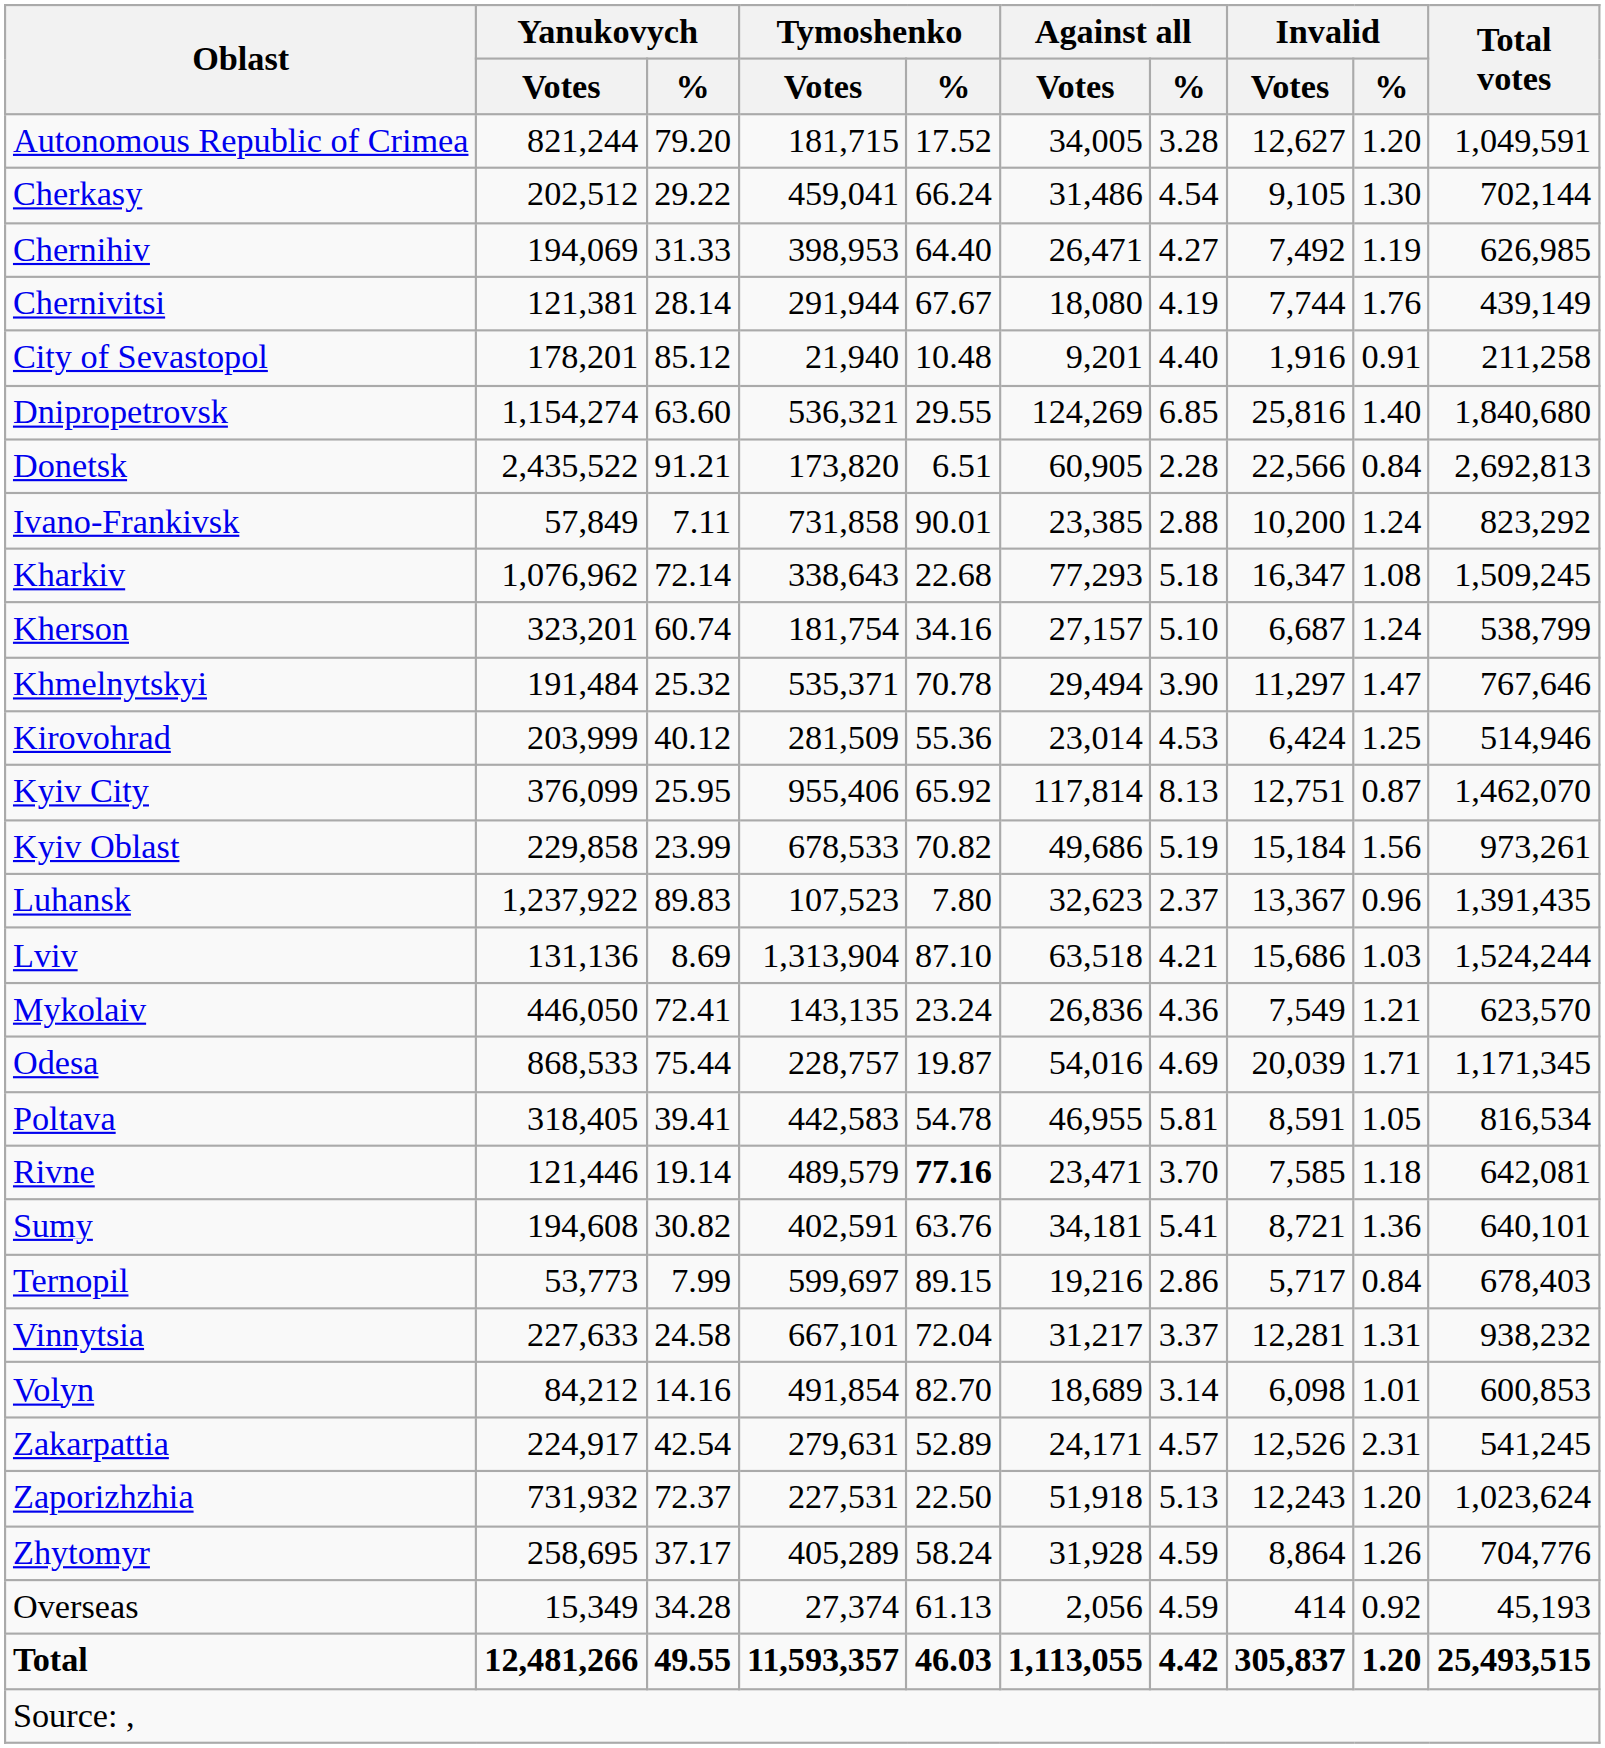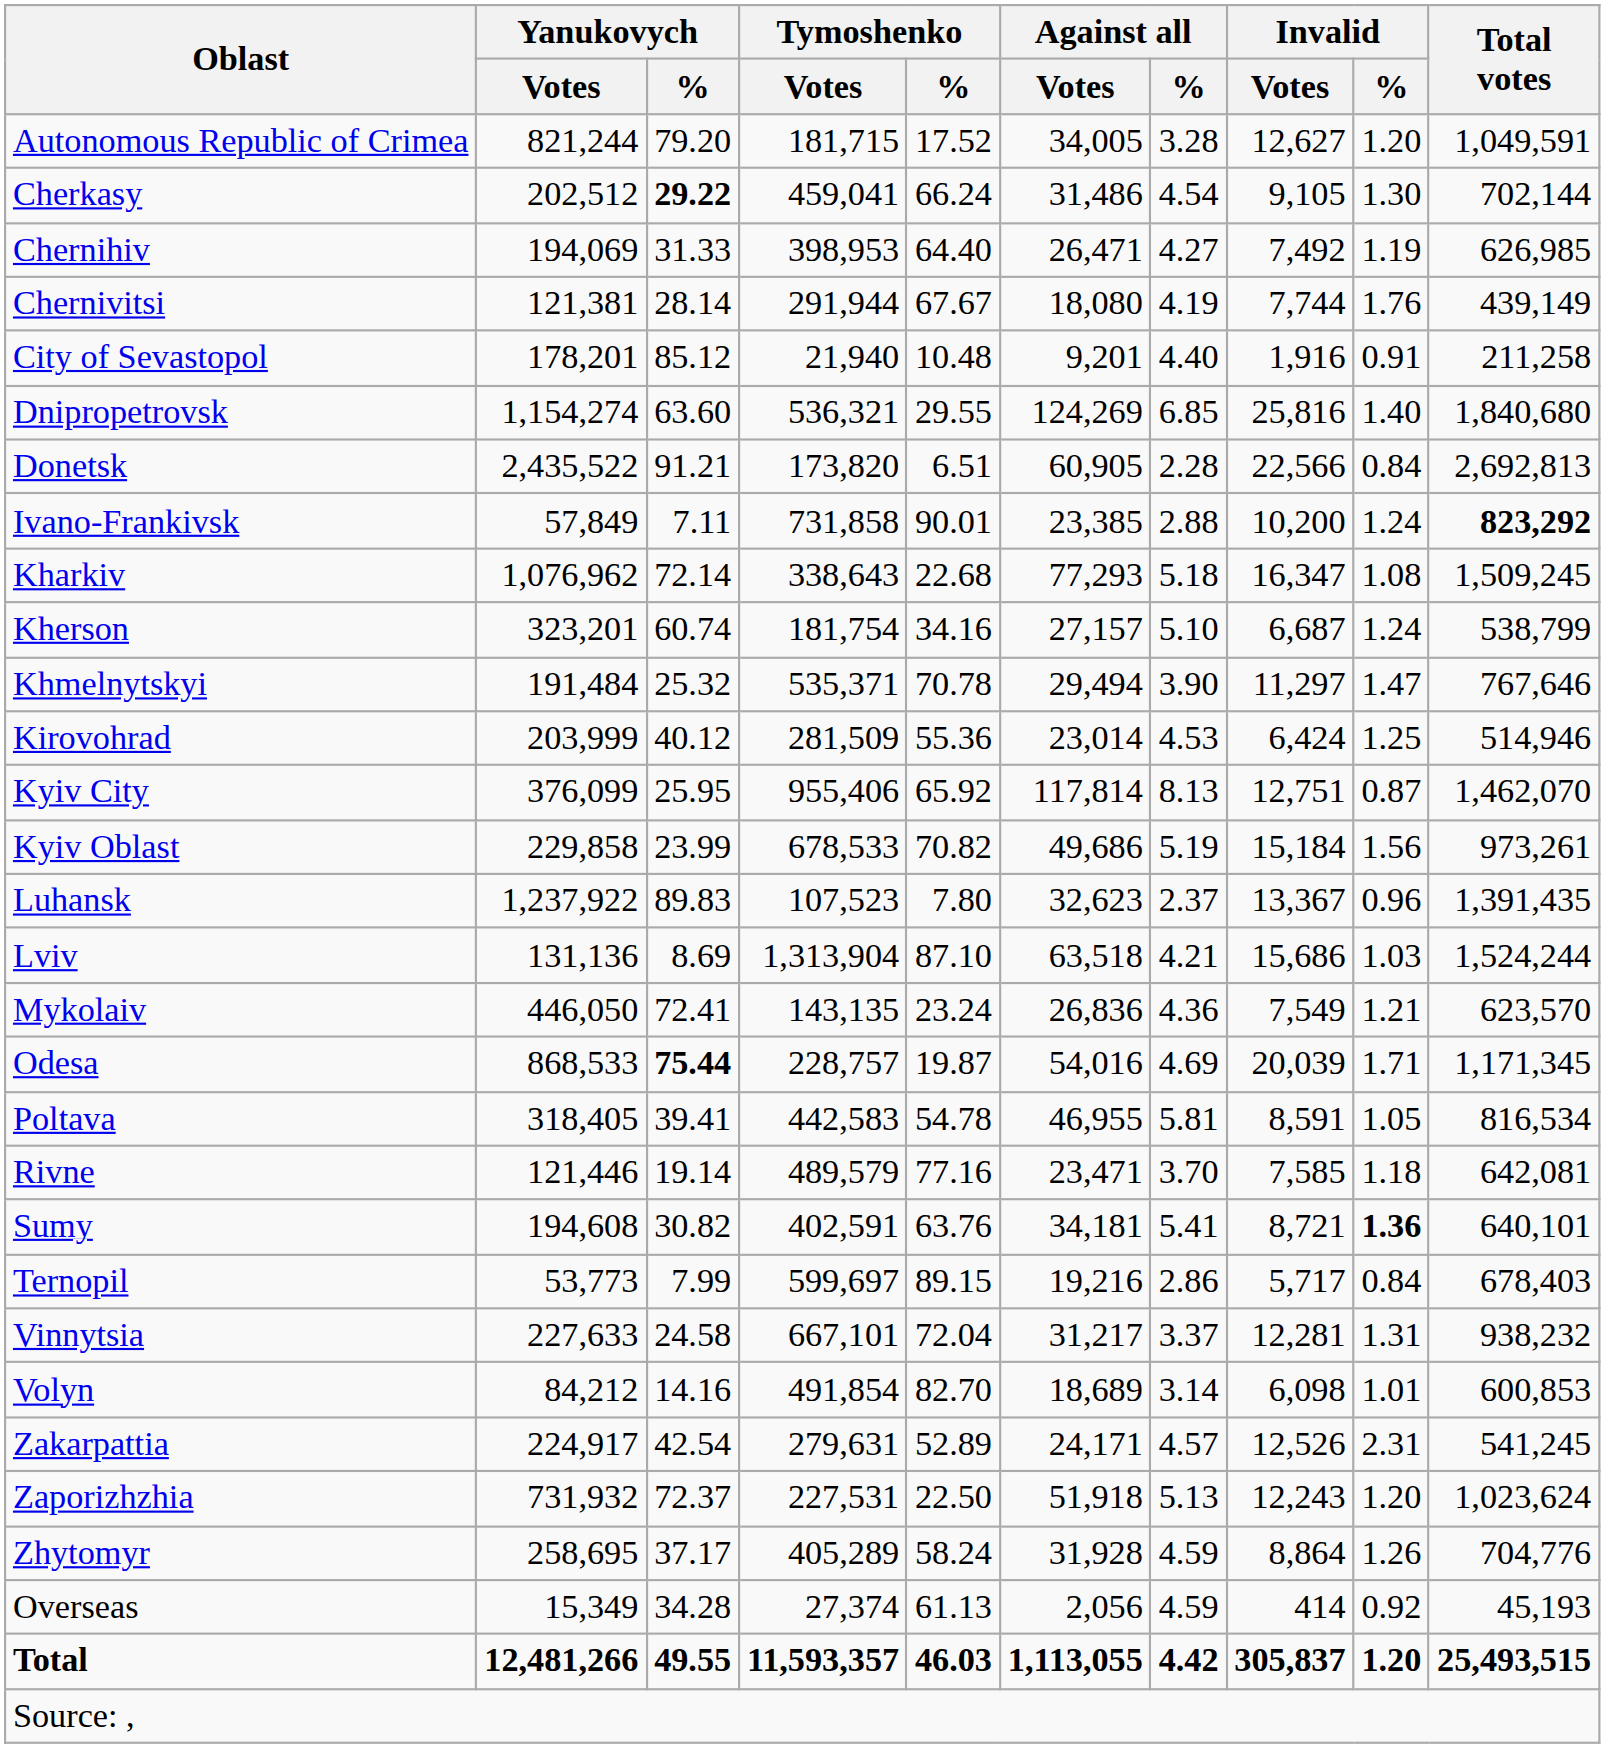 <table class="wikitable sortable" style=text-align:right>
 <tr>
 <th rowspan=2>Oblast</th>
 <th colspan=2>Yanukovych</th>
 <th colspan=2>Tymoshenko</th>
 <th colspan=2>Against all</th>
 <th colspan=2>Invalid</th>
 <th rowspan=2>Total<br>votes</th>
 </tr>
 <tr>
 <th>Votes</th>
 <th>%</th>
 <th>Votes</th>
 <th>%</th>
 <th>Votes</th>
 <th>%</th>
 <th>Votes</th>
 <th>%</th>
 </tr>
 <tr>
 <td align=left><a href='#'>Autonomous Republic of Crimea</a></td>
 <td>821,244</td>
 <td>79.20</td>
 <td>181,715</td>
 <td>17.52</td>
 <td>34,005</td>
 <td>3.28</td>
 <td>12,627</td>
 <td>1.20</td>
 <td>1,049,591</td>
 </tr>
 <tr>
 <td align=left><a href='#'>Cherkasy</a></td>
 <td>202,512</td>
-<td>29.22</td>
+<td><strong>29.22</strong></td>
 <td>459,041</td>
 <td>66.24</td>
 <td>31,486</td>
 <td>4.54</td>
 <td>9,105</td>
 <td>1.30</td>
 <td>702,144</td>
 </tr>
 <tr>
 <td align=left><a href='#'>Chernihiv</a></td>
 <td>194,069</td>
 <td>31.33</td>
 <td>398,953</td>
 <td>64.40</td>
 <td>26,471</td>
 <td>4.27</td>
 <td>7,492</td>
 <td>1.19</td>
 <td>626,985</td>
 </tr>
 <tr>
 <td align=left><a href='#'>Chernivitsi</a></td>
 <td>121,381</td>
 <td>28.14</td>
 <td>291,944</td>
 <td>67.67</td>
 <td>18,080</td>
 <td>4.19</td>
 <td>7,744</td>
 <td>1.76</td>
 <td>439,149</td>
 </tr>
 <tr>
 <td align=left><a href='#'>City of Sevastopol</a></td>
 <td>178,201</td>
 <td>85.12</td>
 <td>21,940</td>
 <td>10.48</td>
 <td>9,201</td>
 <td>4.40</td>
 <td>1,916</td>
 <td>0.91</td>
 <td>211,258</td>
 </tr>
 <tr>
 <td align=left><a href='#'>Dnipropetrovsk</a></td>
 <td>1,154,274</td>
 <td>63.60</td>
 <td>536,321</td>
 <td>29.55</td>
 <td>124,269</td>
 <td>6.85</td>
 <td>25,816</td>
 <td>1.40</td>
 <td>1,840,680</td>
 </tr>
 <tr>
 <td align=left><a href='#'>Donetsk</a></td>
 <td>2,435,522</td>
 <td>91.21</td>
 <td>173,820</td>
 <td>6.51</td>
 <td>60,905</td>
 <td>2.28</td>
 <td>22,566</td>
 <td>0.84</td>
 <td>2,692,813</td>
 </tr>
 <tr>
 <td align=left><a href='#'>Ivano-Frankivsk</a></td>
 <td>57,849</td>
 <td>7.11</td>
 <td>731,858</td>
 <td>90.01</td>
 <td>23,385</td>
 <td>2.88</td>
 <td>10,200</td>
 <td>1.24</td>
-<td>823,292</td>
+<td><strong>823,292</strong></td>
 </tr>
 <tr>
 <td align=left><a href='#'>Kharkiv</a></td>
 <td>1,076,962</td>
 <td>72.14</td>
 <td>338,643</td>
 <td>22.68</td>
 <td>77,293</td>
 <td>5.18</td>
 <td>16,347</td>
 <td>1.08</td>
 <td>1,509,245</td>
 </tr>
 <tr>
 <td align=left><a href='#'>Kherson</a></td>
 <td>323,201</td>
 <td>60.74</td>
 <td>181,754</td>
 <td>34.16</td>
 <td>27,157</td>
 <td>5.10</td>
 <td>6,687</td>
 <td>1.24</td>
 <td>538,799</td>
 </tr>
 <tr>
 <td align=left><a href='#'>Khmelnytskyi</a></td>
 <td>191,484</td>
 <td>25.32</td>
 <td>535,371</td>
 <td>70.78</td>
 <td>29,494</td>
 <td>3.90</td>
 <td>11,297</td>
 <td>1.47</td>
 <td>767,646</td>
 </tr>
 <tr>
 <td align=left><a href='#'>Kirovohrad</a></td>
 <td>203,999</td>
 <td>40.12</td>
 <td>281,509</td>
 <td>55.36</td>
 <td>23,014</td>
 <td>4.53</td>
 <td>6,424</td>
 <td>1.25</td>
 <td>514,946</td>
 </tr>
 <tr>
 <td align=left><a href='#'>Kyiv City</a></td>
 <td>376,099</td>
 <td>25.95</td>
 <td>955,406</td>
 <td>65.92</td>
 <td>117,814</td>
 <td>8.13</td>
 <td>12,751</td>
 <td>0.87</td>
 <td>1,462,070</td>
 </tr>
 <tr>
 <td align=left><a href='#'>Kyiv Oblast</a></td>
 <td>229,858</td>
 <td>23.99</td>
 <td>678,533</td>
 <td>70.82</td>
 <td>49,686</td>
 <td>5.19</td>
 <td>15,184</td>
 <td>1.56</td>
 <td>973,261</td>
 </tr>
 <tr>
 <td align=left><a href='#'>Luhansk</a></td>
 <td>1,237,922</td>
 <td>89.83</td>
 <td>107,523</td>
 <td>7.80</td>
 <td>32,623</td>
 <td>2.37</td>
 <td>13,367</td>
 <td>0.96</td>
 <td>1,391,435</td>
 </tr>
 <tr>
 <td align=left><a href='#'>Lviv</a></td>
 <td>131,136</td>
 <td>8.69</td>
 <td>1,313,904</td>
 <td>87.10</td>
 <td>63,518</td>
 <td>4.21</td>
 <td>15,686</td>
 <td>1.03</td>
 <td>1,524,244</td>
 </tr>
 <tr>
 <td align=left><a href='#'>Mykolaiv</a></td>
 <td>446,050</td>
 <td>72.41</td>
 <td>143,135</td>
 <td>23.24</td>
 <td>26,836</td>
 <td>4.36</td>
 <td>7,549</td>
 <td>1.21</td>
 <td>623,570</td>
 </tr>
 <tr>
 <td align=left><a href='#'>Odesa</a></td>
 <td>868,533</td>
-<td>75.44</td>
+<td><strong>75.44</strong></td>
 <td>228,757</td>
 <td>19.87</td>
 <td>54,016</td>
 <td>4.69</td>
 <td>20,039</td>
 <td>1.71</td>
 <td>1,171,345</td>
 </tr>
 <tr>
 <td align=left><a href='#'>Poltava</a></td>
 <td>318,405</td>
 <td>39.41</td>
 <td>442,583</td>
 <td>54.78</td>
 <td>46,955</td>
 <td>5.81</td>
 <td>8,591</td>
 <td>1.05</td>
 <td>816,534</td>
 </tr>
 <tr>
 <td align=left><a href='#'>Rivne</a></td>
 <td>121,446</td>
 <td>19.14</td>
 <td>489,579</td>
-<td><strong>77.16</strong></td>
+<td>77.16</td>
 <td>23,471</td>
 <td>3.70</td>
 <td>7,585</td>
 <td>1.18</td>
 <td>642,081</td>
 </tr>
 <tr>
 <td align=left><a href='#'>Sumy</a></td>
 <td>194,608</td>
 <td>30.82</td>
 <td>402,591</td>
 <td>63.76</td>
 <td>34,181</td>
 <td>5.41</td>
 <td>8,721</td>
-<td>1.36</td>
+<td><strong>1.36</strong></td>
 <td>640,101</td>
 </tr>
 <tr>
 <td align=left><a href='#'>Ternopil</a></td>
 <td>53,773</td>
 <td>7.99</td>
 <td>599,697</td>
 <td>89.15</td>
 <td>19,216</td>
 <td>2.86</td>
 <td>5,717</td>
 <td>0.84</td>
 <td>678,403</td>
 </tr>
 <tr>
 <td align=left><a href='#'>Vinnytsia</a></td>
 <td>227,633</td>
 <td>24.58</td>
 <td>667,101</td>
 <td>72.04</td>
 <td>31,217</td>
 <td>3.37</td>
 <td>12,281</td>
 <td>1.31</td>
 <td>938,232</td>
 </tr>
 <tr>
 <td align=left><a href='#'>Volyn</a></td>
 <td>84,212</td>
 <td>14.16</td>
 <td>491,854</td>
 <td>82.70</td>
 <td>18,689</td>
 <td>3.14</td>
 <td>6,098</td>
 <td>1.01</td>
 <td>600,853</td>
 </tr>
 <tr>
 <td align=left><a href='#'>Zakarpattia</a></td>
 <td>224,917</td>
 <td>42.54</td>
 <td>279,631</td>
 <td>52.89</td>
 <td>24,171</td>
 <td>4.57</td>
 <td>12,526</td>
 <td>2.31</td>
 <td>541,245</td>
 </tr>
 <tr>
 <td align=left><a href='#'>Zaporizhzhia</a></td>
 <td>731,932</td>
 <td>72.37</td>
 <td>227,531</td>
 <td>22.50</td>
 <td>51,918</td>
 <td>5.13</td>
 <td>12,243</td>
 <td>1.20</td>
 <td>1,023,624</td>
 </tr>
 <tr>
 <td align=left><a href='#'>Zhytomyr</a></td>
 <td>258,695</td>
 <td>37.17</td>
 <td>405,289</td>
 <td>58.24</td>
 <td>31,928</td>
 <td>4.59</td>
 <td>8,864</td>
 <td>1.26</td>
 <td>704,776</td>
 </tr>
 <tr>
 <td align=left>Overseas</td>
 <td>15,349</td>
 <td>34.28</td>
 <td>27,374</td>
 <td>61.13</td>
 <td>2,056</td>
 <td>4.59</td>
 <td>414</td>
 <td>0.92</td>
 <td>45,193</td>
 </tr>
 <tr class=sortbottom style=font-weight:bold>
 <td align=left>Total</td>
 <td>12,481,266</td>
 <td>49.55</td>
 <td>11,593,357</td>
 <td>46.03</td>
 <td>1,113,055</td>
 <td>4.42</td>
 <td>305,837</td>
 <td>1.20</td>
 <td>25,493,515</td>
 </tr>
 <tr class=sortbottom>
 <td align=left colspan=10>Source: , </td>
 </tr>
 </table>
